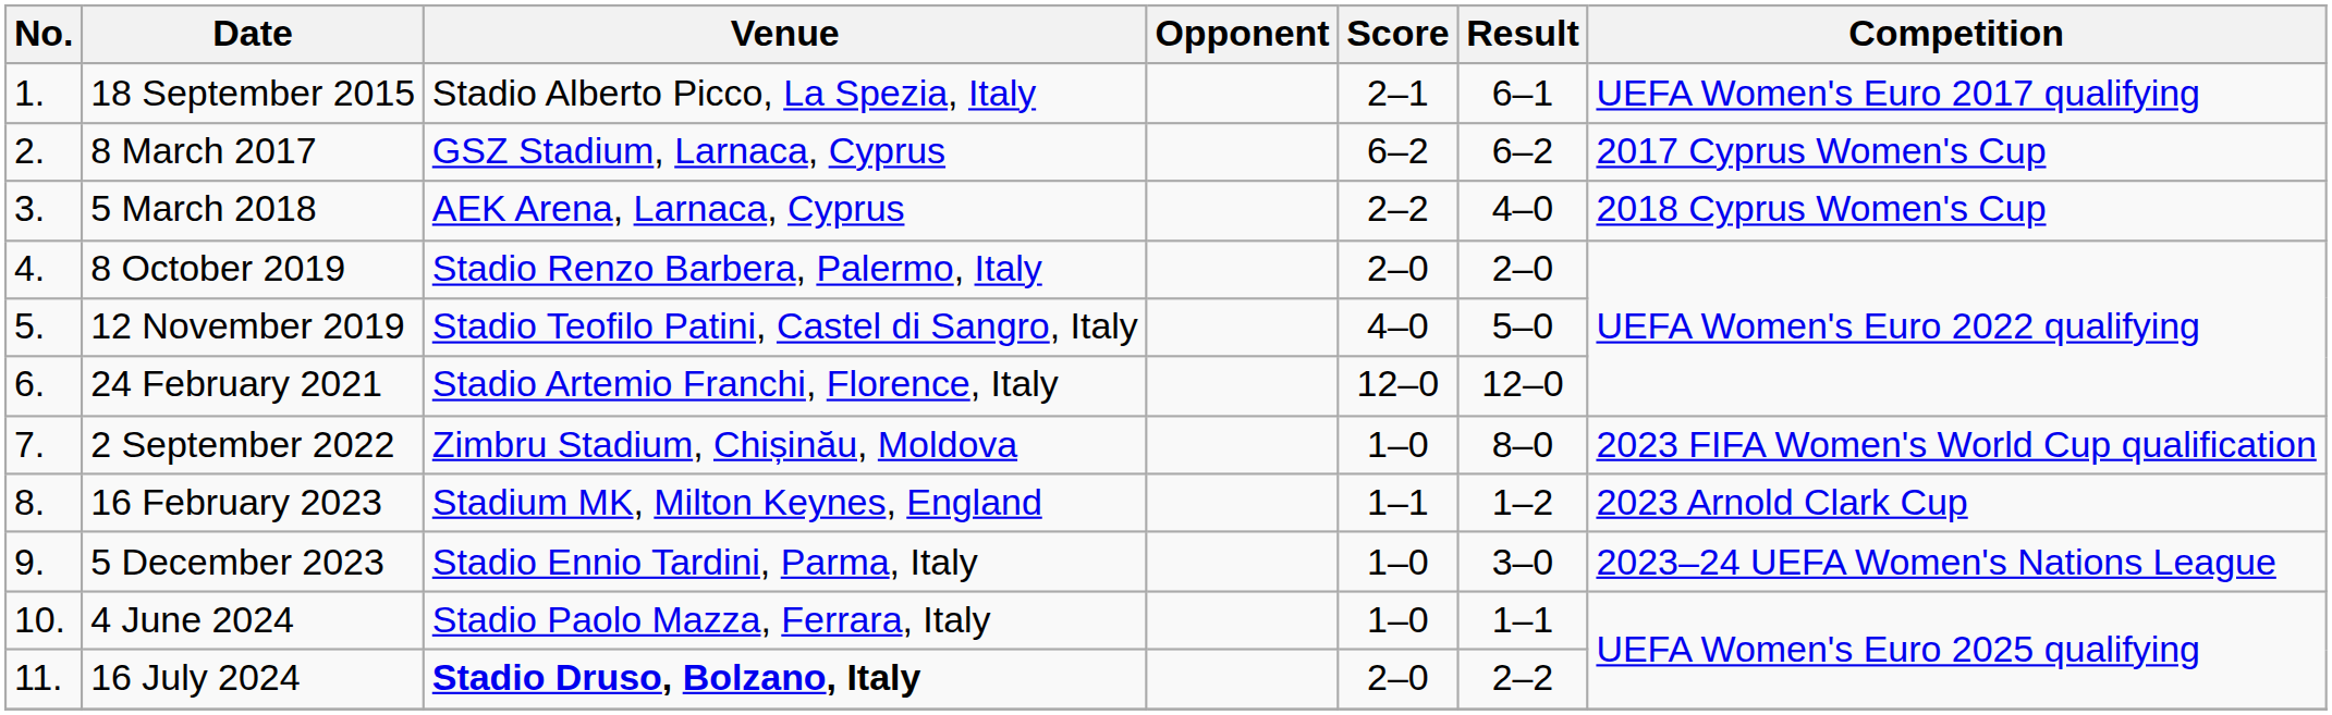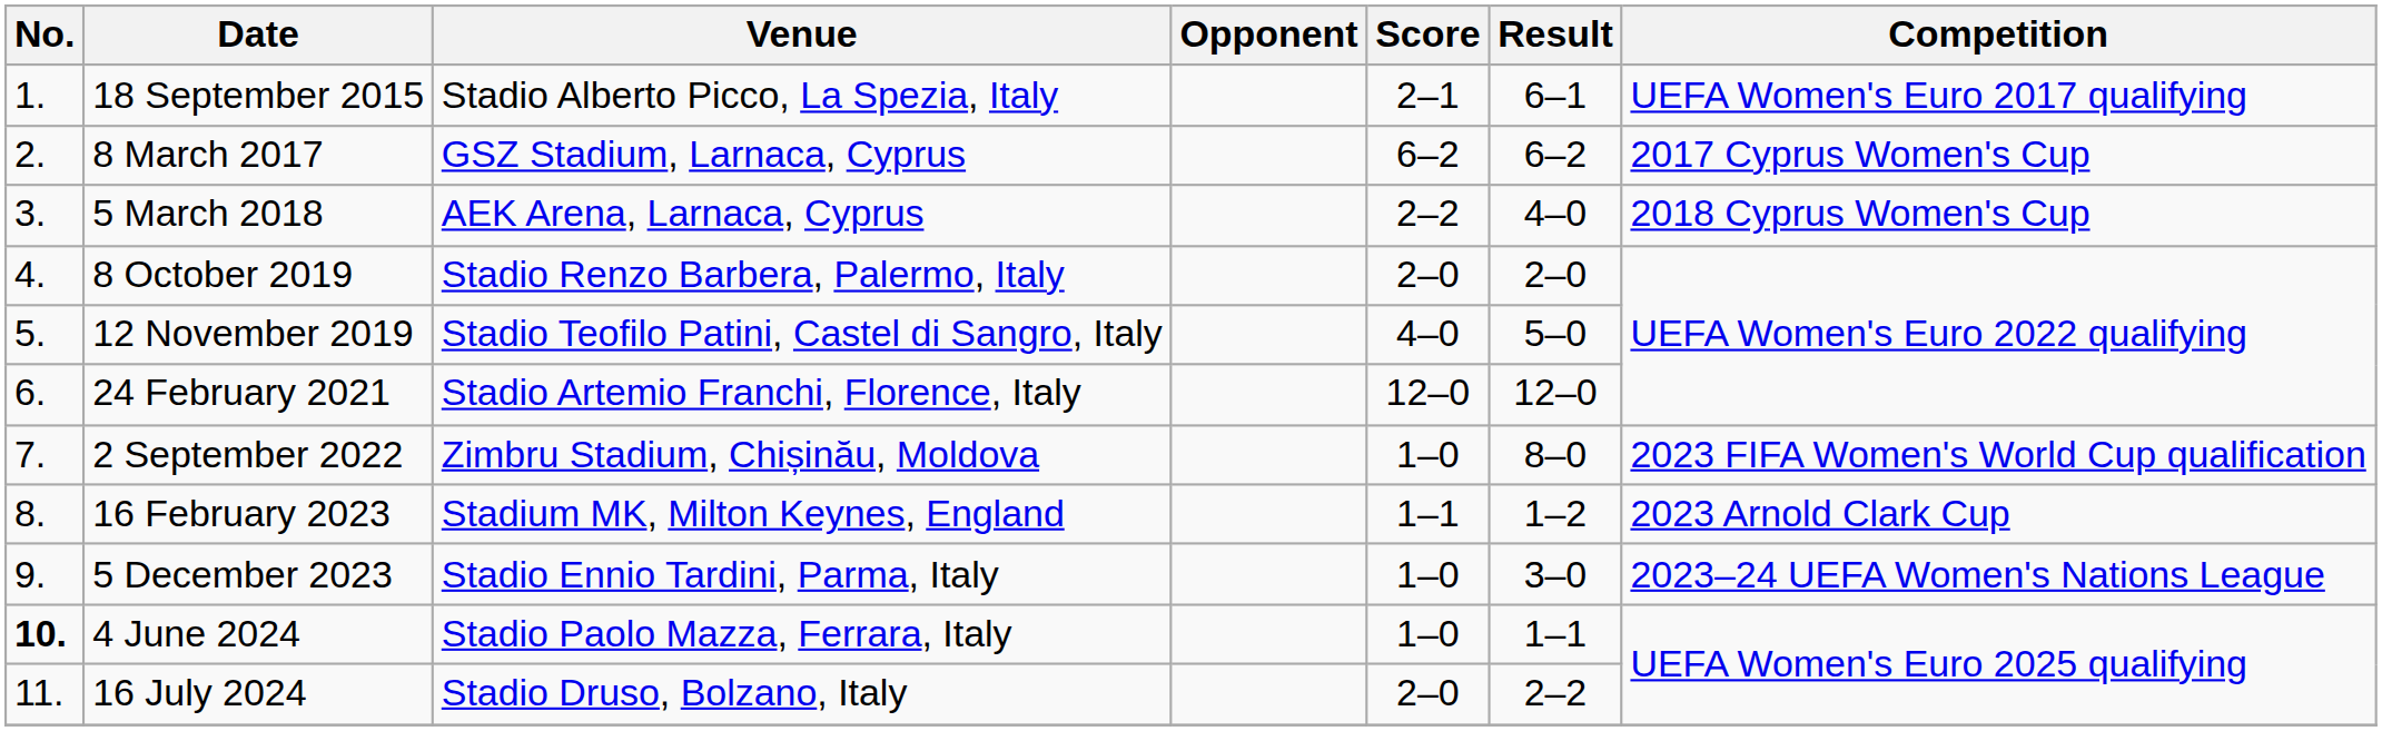 <table class="wikitable sortable">
 <tr>
 <th scope="col">No.</th>
 <th scope="col">Date</th>
 <th scope="col">Venue</th>
 <th scope="col">Opponent</th>
 <th scope="col">Score</th>
 <th scope="col">Result</th>
 <th scope="col">Competition</th>
 </tr>
 <tr>
 <td>1.</td>
 <td>18 September 2015</td>
 <td>Stadio Alberto Picco, <a href='#'>La Spezia</a>, <a href='#'>Italy</a></td>
 <td></td>
 <td align="center">2–1</td>
 <td align="center">6–1</td>
 <td><a href='#'>UEFA Women's Euro 2017 qualifying</a></td>
 </tr>
 <tr>
 <td>2.</td>
 <td>8 March 2017</td>
 <td><a href='#'>GSZ Stadium</a>, <a href='#'>Larnaca</a>, <a href='#'>Cyprus</a></td>
 <td></td>
 <td align="center">6–2</td>
 <td align="center">6–2</td>
 <td><a href='#'>2017 Cyprus Women's Cup</a></td>
 </tr>
 <tr>
 <td>3.</td>
 <td>5 March 2018</td>
 <td><a href='#'>AEK Arena</a>, <a href='#'>Larnaca</a>, <a href='#'>Cyprus</a></td>
 <td></td>
 <td align="center">2–2</td>
 <td align=center>4–0</td>
 <td><a href='#'>2018 Cyprus Women's Cup</a></td>
 </tr>
 <tr>
 <td>4.</td>
 <td>8 October 2019</td>
 <td><a href='#'>Stadio Renzo Barbera</a>,  <a href='#'>Palermo</a>, <a href='#'>Italy</a></td>
 <td></td>
 <td align="center">2–0</td>
 <td align="center">2–0</td>
 <td rowspan=3><a href='#'>UEFA Women's Euro 2022 qualifying</a></td>
 </tr>
 <tr>
 <td>5.</td>
 <td>12 November 2019</td>
 <td><a href='#'>Stadio Teofilo Patini</a>, <a href='#'>Castel di Sangro</a>, Italy</td>
 <td></td>
 <td align="center">4–0</td>
 <td align="center">5–0</td>
 </tr>
 <tr>
 <td>6.</td>
 <td>24 February 2021</td>
 <td><a href='#'>Stadio Artemio Franchi</a>, <a href='#'>Florence</a>, Italy</td>
 <td></td>
 <td align="center">12–0</td>
 <td align="center">12–0</td>
 </tr>
 <tr>
 <td>7.</td>
 <td>2 September 2022</td>
 <td><a href='#'>Zimbru Stadium</a>, <a href='#'>Chișinău</a>, <a href='#'>Moldova</a></td>
 <td></td>
 <td align="center">1–0</td>
 <td align="center">8–0</td>
 <td><a href='#'>2023 FIFA Women's World Cup qualification</a></td>
 </tr>
 <tr>
 <td>8.</td>
 <td>16 February 2023</td>
 <td><a href='#'>Stadium MK</a>, <a href='#'>Milton Keynes</a>, <a href='#'>England</a></td>
 <td></td>
 <td align="center">1–1</td>
 <td align="center">1–2</td>
 <td><a href='#'>2023 Arnold Clark Cup</a></td>
 </tr>
 <tr>
 <td>9.</td>
 <td>5 December 2023</td>
 <td><a href='#'>Stadio Ennio Tardini</a>, <a href='#'>Parma</a>, Italy</td>
 <td></td>
 <td align=center>1–0</td>
 <td align=center>3–0</td>
 <td><a href='#'>2023–24 UEFA Women's Nations League</a></td>
 </tr>
 <tr>
-<td>10.</td>
+<td><strong>10.</strong></td>
 <td>4 June 2024</td>
 <td><a href='#'>Stadio Paolo Mazza</a>, <a href='#'>Ferrara</a>, Italy</td>
 <td></td>
 <td align=center>1–0</td>
 <td align=center>1–1</td>
 <td rowspan=2><a href='#'>UEFA Women's Euro 2025 qualifying</a></td>
 </tr>
 <tr>
 <td>11.</td>
 <td>16 July 2024</td>
-<td><strong><a href='#'>Stadio Druso</a>, <a href='#'>Bolzano</a>, Italy</strong></td>
+<td><a href='#'>Stadio Druso</a>, <a href='#'>Bolzano</a>, Italy</td>
 <td></td>
 <td align=center>2–0</td>
 <td align="center">2–2</td>
 </tr>
 <tr>
 </tr>
 </table>
